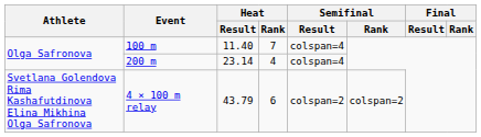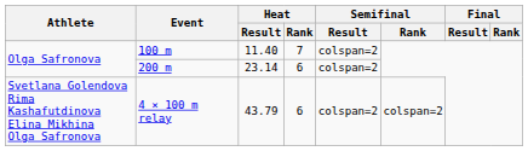 <table class="wikitable">
 <tr>
 <th rowspan="2">Athlete</th>
 <th rowspan="2">Event</th>
 <th colspan="2">Heat</th>
 <th colspan="2">Semifinal</th>
 <th colspan="2">Final</th>
 </tr>
 <tr>
 <th>Result</th>
 <th>Rank</th>
 <th>Result</th>
 <th>Rank</th>
 <th>Result</th>
 <th>Rank</th>
 </tr>
 <tr style=text-align:center>
 <td style=text-align:left rowspan="2"><a href='#'>Olga Safronova</a></td>
 <td style=text-align:left><a href='#'>100 m</a></td>
 <td>11.40</td>
 <td>7</td>
-<td>colspan=4 </td>
+<td>colspan=2 </td>
 </tr>
 <tr style=text-align:center>
 <td style=text-align:left><a href='#'>200 m</a></td>
 <td>23.14</td>
-<td>4</td>
-<td>colspan=4 </td>
+<td>6</td>
+<td>colspan=2 </td>
 </tr>
 <tr style=text-align:center>
 <td style=text-align:left><a href='#'>Svetlana Golendova</a><br><a href='#'>Rima Kashafutdinova</a><br><a href='#'>Elina Mikhina</a><br><a href='#'>Olga Safronova</a></td>
 <td style=text-align:left><a href='#'>4 × 100 m relay</a></td>
 <td>43.79</td>
 <td>6</td>
 <td>colspan=2 </td>
 <td>colspan=2 </td>
 </tr>
 </table>
